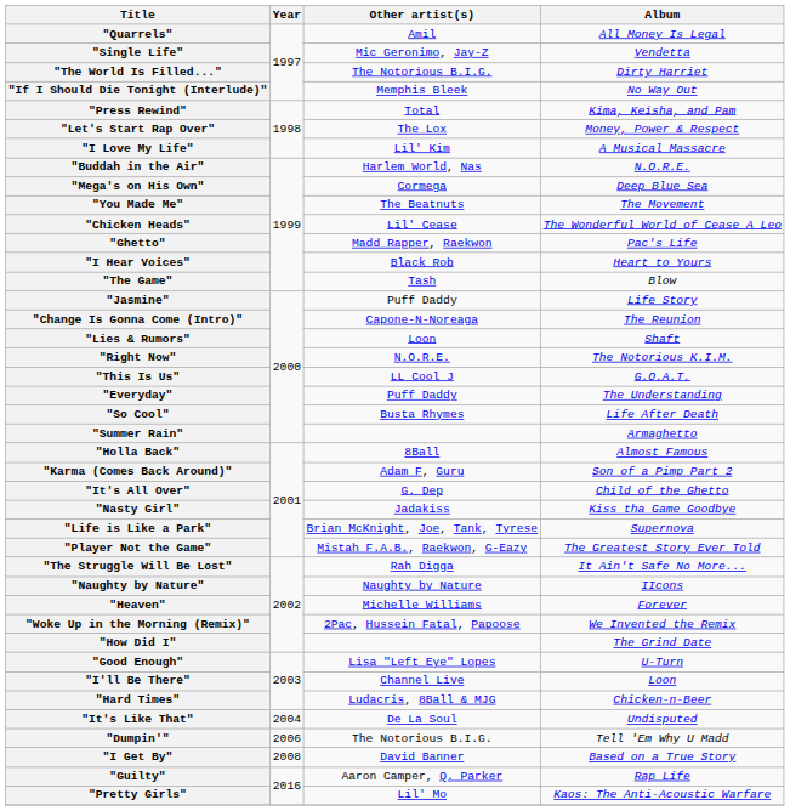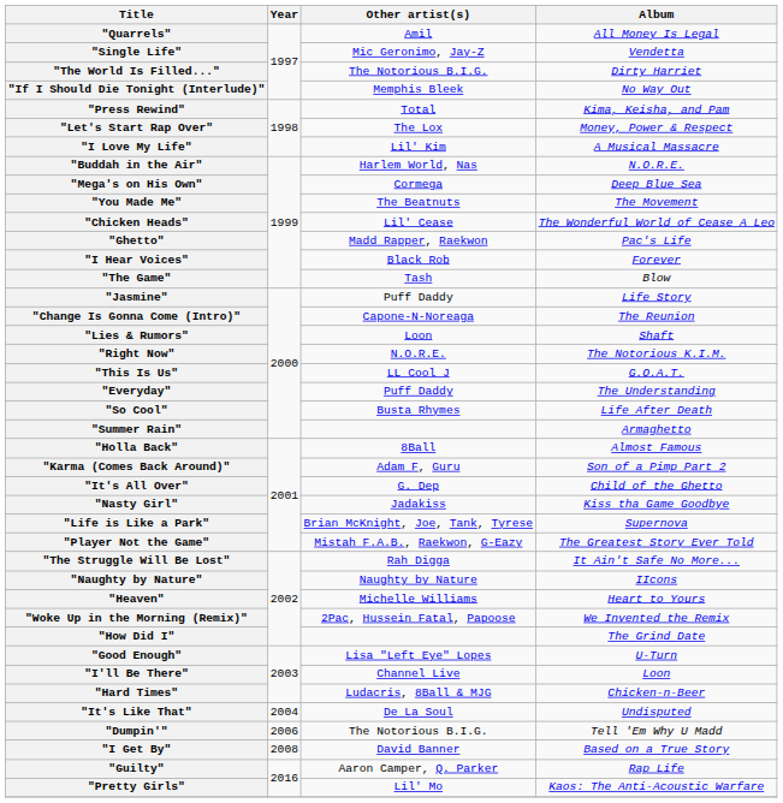 <table class="wikitable plainrowheaders" style="text-align:center;">
 <tr>
 <th scope="col">Title</th>
 <th scope="col">Year</th>
 <th scope="col">Other artist(s)</th>
 <th scope="col">Album</th>
 </tr>
 <tr>
 <th scope="row">"Quarrels"</th>
 <td rowspan="4">1997</td>
 <td><a href='#'>Amil</a></td>
 <td><em><a href='#'>All Money Is Legal</a></em></td>
 </tr>
 <tr>
 <th scope="row">"Single Life"</th>
 <td><a href='#'>Mic Geronimo</a>, <a href='#'>Jay-Z</a></td>
 <td><em><a href='#'>Vendetta</a></em></td>
 </tr>
 <tr>
 <th scope="row">"The World Is Filled..."</th>
 <td><a href='#'>The Notorious B.I.G.</a></td>
 <td><em><a href='#'>Dirty Harriet</a></em></td>
 </tr>
 <tr>
 <th scope="row">"If I Should Die Tonight (Interlude)"</th>
 <td><a href='#'>Memphis Bleek</a></td>
 <td><em><a href='#'>No Way Out</a></em></td>
 </tr>
 <tr>
 <th scope="row">"Press Rewind"</th>
 <td rowspan="3">1998</td>
 <td><a href='#'>Total</a></td>
 <td><em><a href='#'>Kima, Keisha, and Pam</a></em></td>
 </tr>
 <tr>
 <th scope="row">"Let's Start Rap Over"</th>
 <td><a href='#'>The Lox</a></td>
 <td><em><a href='#'>Money, Power & Respect</a></em></td>
 </tr>
 <tr>
 <th scope="row">"I Love My Life"</th>
 <td><a href='#'>Lil' Kim</a></td>
 <td><em><a href='#'>A Musical Massacre</a></em></td>
 </tr>
 <tr>
 <th scope="row">"Buddah in the Air"</th>
 <td rowspan="7">1999</td>
 <td><a href='#'>Harlem World</a>, <a href='#'>Nas</a></td>
 <td><em><a href='#'>N.O.R.E.</a></em></td>
 </tr>
 <tr>
 <th scope="row">"Mega's on His Own"</th>
 <td><a href='#'>Cormega</a></td>
 <td><em><a href='#'>Deep Blue Sea</a></em></td>
 </tr>
 <tr>
 <th scope="row">"You Made Me"</th>
 <td><a href='#'>The Beatnuts</a></td>
 <td><em><a href='#'>The Movement</a></em></td>
 </tr>
 <tr>
 <th scope="row">"Chicken Heads"</th>
 <td><a href='#'>Lil' Cease</a></td>
 <td><em><a href='#'>The Wonderful World of Cease A Leo</a></em></td>
 </tr>
 <tr>
 <th scope="row">"Ghetto"</th>
 <td><a href='#'>Madd Rapper</a>, <a href='#'>Raekwon</a></td>
 <td><em><a href='#'>Pac's Life</a></em></td>
 </tr>
 <tr>
 <th scope="row">"I Hear Voices"</th>
 <td><a href='#'>Black Rob</a></td>
-<td><em><a href='#'>Heart to Yours</a></em></td>
+<td><em><a href='#'>Forever</a></em></td>
 </tr>
 <tr>
 <th scope="row">"The Game"</th>
 <td><a href='#'>Tash</a></td>
 <td><em>Blow</em></td>
 </tr>
 <tr>
 <th scope="row">"Jasmine"</th>
 <td rowspan="8">2000</td>
 <td>Puff Daddy</td>
 <td><em><a href='#'>Life Story</a></em></td>
 </tr>
 <tr>
 <th scope="row">"Change Is Gonna Come (Intro)"</th>
 <td><a href='#'>Capone-N-Noreaga</a></td>
 <td><em><a href='#'>The Reunion</a></em></td>
 </tr>
 <tr>
 <th scope="row">"Lies & Rumors"</th>
 <td><a href='#'>Loon</a></td>
 <td><em><a href='#'>Shaft</a></em></td>
 </tr>
 <tr>
 <th scope="row">"Right Now"</th>
 <td><a href='#'>N.O.R.E.</a></td>
 <td><em><a href='#'>The Notorious K.I.M.</a></em></td>
 </tr>
 <tr>
 <th scope="row">"This Is Us"</th>
 <td><a href='#'>LL Cool J</a></td>
 <td><em><a href='#'>G.O.A.T.</a></em></td>
 </tr>
 <tr>
 <th scope="row">"Everyday"</th>
 <td><a href='#'>Puff Daddy</a></td>
 <td><em><a href='#'>The Understanding</a></em></td>
 </tr>
 <tr>
 <th scope="row">"So Cool"</th>
 <td><a href='#'>Busta Rhymes</a></td>
 <td><em><a href='#'>Life After Death</a></em></td>
 </tr>
 <tr>
 <th scope="row">"Summer Rain"</th>
 <td></td>
 <td><em><a href='#'>Armaghetto</a></em></td>
 </tr>
 <tr>
 <th scope="row">"Holla Back"</th>
 <td rowspan="6">2001</td>
 <td><a href='#'>8Ball</a></td>
 <td><em><a href='#'>Almost Famous</a></em></td>
 </tr>
 <tr>
 <th scope="row">"Karma (Comes Back Around)"</th>
 <td><a href='#'>Adam F</a>, <a href='#'>Guru</a></td>
 <td><em><a href='#'>Son of a Pimp Part 2</a></em></td>
 </tr>
 <tr>
 <th scope="row">"It's All Over"</th>
 <td><a href='#'>G. Dep</a></td>
 <td><em><a href='#'>Child of the Ghetto</a></em></td>
 </tr>
 <tr>
 <th scope="row">"Nasty Girl"</th>
 <td><a href='#'>Jadakiss</a></td>
 <td><em><a href='#'>Kiss tha Game Goodbye</a></em></td>
 </tr>
 <tr>
 <th scope="row">"Life is Like a Park"</th>
 <td><a href='#'>Brian McKnight</a>, <a href='#'>Joe</a>, <a href='#'>Tank</a>, <a href='#'>Tyrese</a></td>
 <td><em><a href='#'>Supernova</a></em></td>
 </tr>
 <tr>
 <th scope="row">"Player Not the Game"</th>
 <td><a href='#'>Mistah F.A.B.</a>, <a href='#'>Raekwon</a>, <a href='#'>G-Eazy</a></td>
 <td><em><a href='#'>The Greatest Story Ever Told</a></em></td>
 </tr>
 <tr>
 <th scope="row">"The Struggle Will Be Lost"</th>
 <td rowspan="5">2002</td>
 <td><a href='#'>Rah Digga</a></td>
 <td><em><a href='#'>It Ain't Safe No More...</a></em></td>
 </tr>
 <tr>
 <th scope="row">"Naughty by Nature"</th>
 <td><a href='#'>Naughty by Nature</a></td>
 <td><em><a href='#'>IIcons</a></em></td>
 </tr>
 <tr>
 <th scope="row">"Heaven"</th>
 <td><a href='#'>Michelle Williams</a></td>
-<td><em><a href='#'>Forever</a></em></td>
+<td><em><a href='#'>Heart to Yours</a></em></td>
 </tr>
 <tr>
 <th scope="row">"Woke Up in the Morning (Remix)"</th>
 <td><a href='#'>2Pac</a>, <a href='#'>Hussein Fatal</a>, <a href='#'>Papoose</a></td>
 <td><em><a href='#'>We Invented the Remix</a></em></td>
 </tr>
 <tr>
 <th scope="row">"How Did I"</th>
 <td></td>
 <td><em><a href='#'>The Grind Date</a></em></td>
 </tr>
 <tr>
 <th scope="row">"Good Enough"</th>
 <td rowspan="3">2003</td>
 <td><a href='#'>Lisa "Left Eye" Lopes</a></td>
 <td><em><a href='#'>U-Turn</a></em></td>
 </tr>
 <tr>
 <th scope="row">"I'll Be There"</th>
 <td><a href='#'>Channel Live</a></td>
 <td><em><a href='#'>Loon</a></em></td>
 </tr>
 <tr>
 <th scope="row">"Hard Times"</th>
 <td><a href='#'>Ludacris</a>, <a href='#'>8Ball & MJG</a></td>
 <td><em><a href='#'>Chicken-n-Beer</a></em></td>
 </tr>
 <tr>
 <th scope="row">"It's Like That"</th>
 <td>2004</td>
 <td><a href='#'>De La Soul</a></td>
 <td><em><a href='#'>Undisputed</a></em></td>
 </tr>
 <tr>
 <th scope="row">"Dumpin'"</th>
 <td>2006</td>
 <td>The Notorious B.I.G.</td>
 <td><em>Tell 'Em Why U Madd</em></td>
 </tr>
 <tr>
 <th scope="row">"I Get By"</th>
 <td>2008</td>
 <td><a href='#'>David Banner</a></td>
 <td><em><a href='#'>Based on a True Story</a></em></td>
 </tr>
 <tr>
 <th scope="row">"Guilty"</th>
 <td rowspan="2">2016</td>
 <td>Aaron Camper, <a href='#'>Q. Parker</a></td>
 <td><em><a href='#'>Rap Life</a></em></td>
 </tr>
 <tr>
 <th scope="row">"Pretty Girls"</th>
 <td><a href='#'>Lil' Mo</a></td>
 <td><em><a href='#'>Kaos: The Anti-Acoustic Warfare</a></em></td>
 </tr>
 <tr>
 </tr>
 </table>
